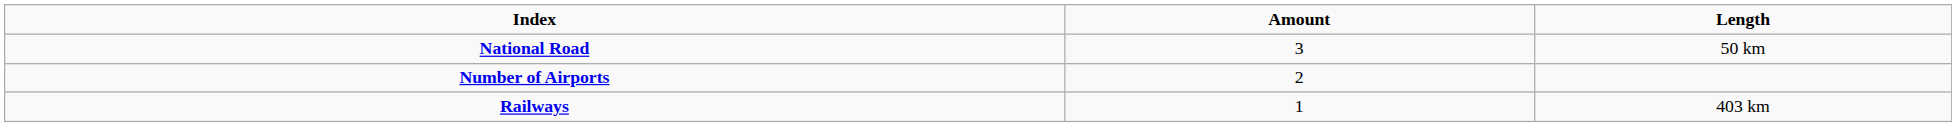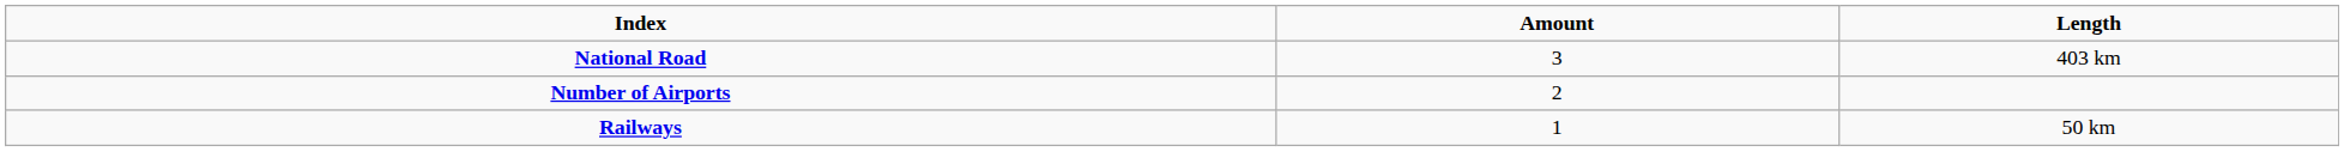 <table class = "wikitable center" style = "font-size: 90%; text-align: center" cellpadding = "3" width = "100%">
 <tr>
 <td><strong>Index</strong></td>
 <td><strong>Amount</strong></td>
 <td><strong>Length</strong></td>
 </tr>
 <tr>
 <td><strong><a href='#'>National Road</a></strong></td>
 <td>3</td>
-<td>50 km</td>
+<td>403 km</td>
 </tr>
 <tr>
 <td><strong><a href='#'>Number of Airports</a></strong></td>
 <td>2</td>
 </tr>
 <tr>
 <td><strong><a href='#'>Railways</a></strong></td>
 <td>1</td>
-<td>403 km</td>
+<td>50 km</td>
 </tr>
 </table>
